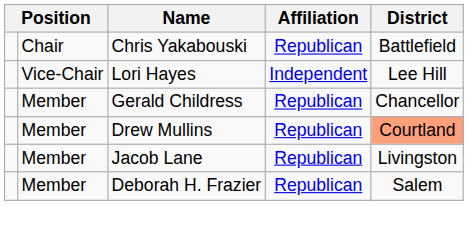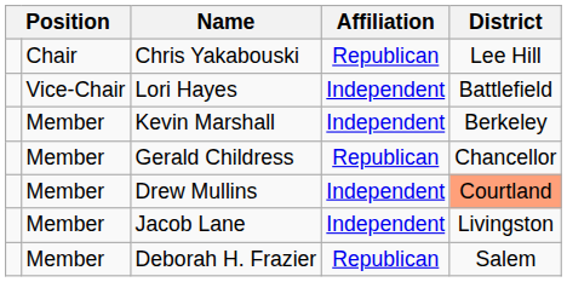 <table class=wikitable>
 <tr>
 <th colspan="2"  style="text-align:center; vertical-align:bottom;">Position</th>
 <th style="text-align:center;">Name</th>
 <th valign=bottom>Affiliation</th>
 <th style="vertical-align:bottom; text-align:center;">District</th>
 </tr>
 <tr>
 <td style="background-color:"> </td>
 <td>Chair</td>
 <td>Chris Yakabouski</td>
 <td style="text-align:center;"><a href='#'>Republican</a></td>
-<td style="text-align:center;">Battlefield</td>
+<td style="text-align:center;">Lee Hill</td>
 </tr>
 <tr>
 <td style="background-color:"> </td>
 <td>Vice-Chair</td>
 <td>Lori Hayes</td>
 <td style="text-align:center;"><a href='#'>Independent</a></td>
-<td style="text-align:center;">Lee Hill</td>
+<td style="text-align:center;">Battlefield</td>
+</tr>
+<tr>
+<td style="background-color:"> </td>
+<td>Member</td>
+<td>Kevin Marshall</td>
+<td style="text-align:center;"><a href='#'>Independent</a></td>
+<td style="text-align:center;">Berkeley</td>
 </tr>
 <tr>
 <td style="background-color:"> </td>
 <td>Member</td>
 <td>Gerald Childress</td>
 <td style="text-align:center;"><a href='#'>Republican</a></td>
 <td style="text-align:center;">Chancellor</td>
 </tr>
 <tr>
 <td style="background-color:"> </td>
 <td>Member</td>
 <td>Drew Mullins</td>
-<td style="text-align:center;"><a href='#'>Republican</a></td>
+<td style="text-align:center;"><a href='#'>Independent</a></td>
 <td style="background: lightsalmon; text-align:center;">Courtland</td>
 </tr>
 <tr>
 <td style="background-color:"> </td>
 <td>Member</td>
 <td>Jacob Lane</td>
-<td style="text-align:center;"><a href='#'>Republican</a></td>
+<td style="text-align:center;"><a href='#'>Independent</a></td>
 <td style="text-align:center;">Livingston</td>
 </tr>
 <tr>
 <td style="background-color:"> </td>
 <td>Member</td>
 <td>Deborah H. Frazier</td>
 <td style="text-align:center;"><a href='#'>Republican</a></td>
 <td style="text-align:center;">Salem</td>
 </tr>
 </table>
